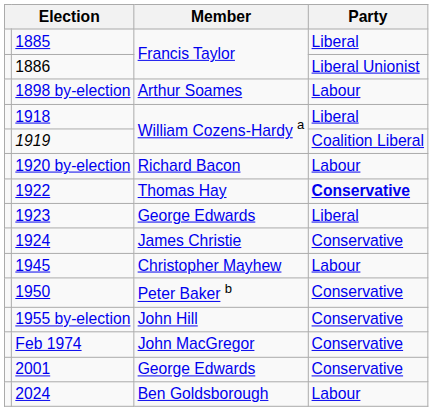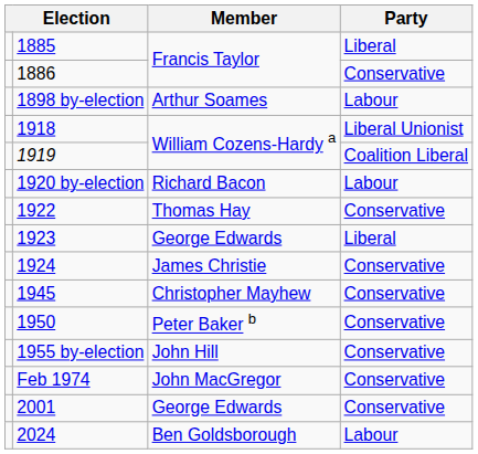 <table class="wikitable">
 <tr>
 <th colspan="2">Election</th>
 <th>Member</th>
 <th>Party</th>
 </tr>
 <tr>
 <td style="color:inherit;background-color: "></td>
 <td><a href='#'>1885</a></td>
 <td rowspan="2"><a href='#'>Francis Taylor</a></td>
 <td><a href='#'>Liberal</a></td>
 </tr>
 <tr>
 <td style="color:inherit;background-color: "></td>
 <td>1886</td>
-<td><a href='#'>Liberal Unionist</a></td>
+<td><a href='#'>Conservative</a></td>
 </tr>
 <tr>
 <td style="color:inherit;background-color: "></td>
 <td><a href='#'>1898 by-election</a></td>
 <td><a href='#'>Arthur Soames</a></td>
 <td><a href='#'>Labour</a></td>
 </tr>
 <tr>
 <td style="color:inherit;background-color: "></td>
 <td><a href='#'>1918</a></td>
 <td rowspan="2"><a href='#'>William Cozens-Hardy</a> <sup>a</sup></td>
-<td><a href='#'>Liberal</a></td>
+<td><a href='#'>Liberal Unionist</a></td>
 </tr>
 <tr>
 <td style="color:inherit;background-color: "></td>
 <td><em>1919</em></td>
 <td><a href='#'>Coalition Liberal</a></td>
 </tr>
 <tr>
 <td style="color:inherit;background-color: "></td>
 <td><a href='#'>1920 by-election</a></td>
 <td><a href='#'>Richard Bacon</a></td>
 <td><a href='#'>Labour</a></td>
 </tr>
 <tr>
 <td style="color:inherit;background-color: "></td>
 <td><a href='#'>1922</a></td>
 <td><a href='#'>Thomas Hay</a></td>
-<td><strong><a href='#'>Conservative</a></strong></td>
+<td><a href='#'>Conservative</a></td>
 </tr>
 <tr>
 <td style="color:inherit;background-color: "></td>
 <td><a href='#'>1923</a></td>
 <td><a href='#'>George Edwards</a></td>
 <td><a href='#'>Liberal</a></td>
 </tr>
 <tr>
 <td style="color:inherit;background-color: "></td>
 <td><a href='#'>1924</a></td>
 <td><a href='#'>James Christie</a></td>
 <td><a href='#'>Conservative</a></td>
 </tr>
 <tr>
 <td style="color:inherit;background-color: "></td>
 <td><a href='#'>1945</a></td>
 <td><a href='#'>Christopher Mayhew</a></td>
-<td><a href='#'>Labour</a></td>
+<td><a href='#'>Conservative</a></td>
 </tr>
 <tr>
 <td style="color:inherit;background-color: "></td>
 <td><a href='#'>1950</a></td>
 <td><a href='#'>Peter Baker</a> <sup>b</sup></td>
 <td><a href='#'>Conservative</a></td>
 </tr>
 <tr>
 <td style="color:inherit;background-color: "></td>
 <td><a href='#'>1955 by-election</a></td>
 <td><a href='#'>John Hill</a></td>
 <td><a href='#'>Conservative</a></td>
 </tr>
 <tr>
 <td style="color:inherit;background-color: "></td>
 <td><a href='#'>Feb 1974</a></td>
 <td><a href='#'>John MacGregor</a></td>
 <td><a href='#'>Conservative</a></td>
 </tr>
 <tr>
 <td style="color:inherit;background-color: "></td>
 <td><a href='#'>2001</a></td>
 <td><a href='#'>George Edwards</a></td>
 <td><a href='#'>Conservative</a></td>
 </tr>
 <tr>
 <td style="color:inherit;background-color: "></td>
 <td><a href='#'>2024</a></td>
 <td><a href='#'>Ben Goldsborough</a></td>
 <td><a href='#'>Labour</a></td>
 </tr>
 </table>
